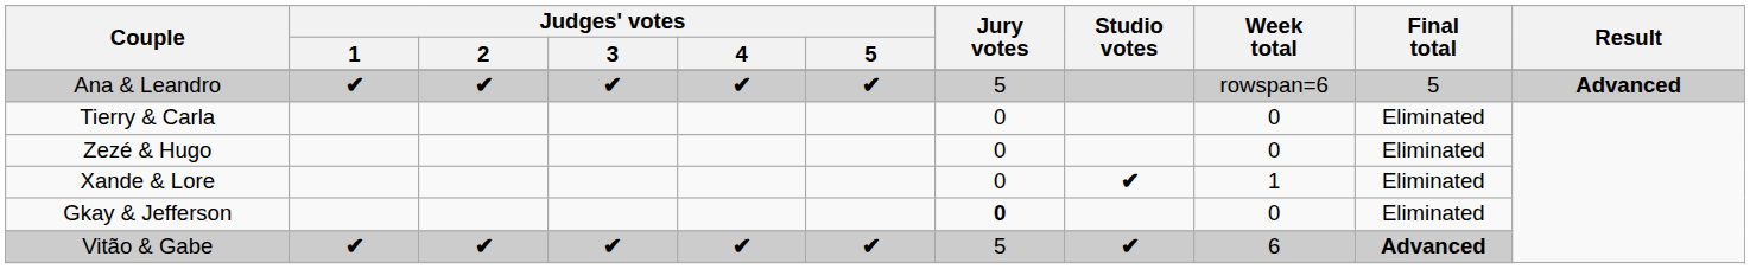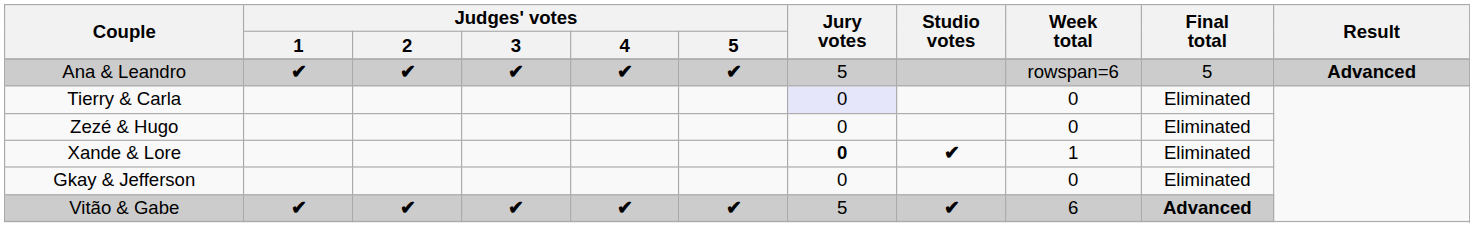 <table class="wikitable" style="font-size:100%; line-height:16px; text-align:center" width="100%">
 <tr>
 <th rowspan=2 width="11.00%">Couple</th>
 <th colspan=5 width="25.00%">Judges' votes</th>
 <th rowspan=2 width="05.00%">Jury<br>votes</th>
 <th rowspan=2 width="05.00%">Studio<br>votes</th>
 <th rowspan=2 width="05.00%">Week<br>total</th>
 <th rowspan=2 width="05.00%">Final<br>total</th>
 <th rowspan=2 width="09.00%">Result</th>
 </tr>
 <tr>
 <th width="05.00%">1</th>
 <th width="05.00%">2</th>
 <th width="05.00%">3</th>
 <th width="05.00%">4</th>
 <th width="05.00%">5</th>
 </tr>
 <tr>
 </tr>
 <tr bgcolor=CCCCCC>
 <td>Ana & Leandro</td>
 <td><strong>✔</strong></td>
 <td><strong>✔</strong></td>
 <td><strong>✔</strong></td>
 <td><strong>✔</strong></td>
 <td><strong>✔</strong></td>
 <td>5</td>
 <td></td>
 <td>rowspan=6 </td>
 <td>5</td>
 <td><strong>Advanced</strong></td>
 </tr>
 <tr>
 <td>Tierry & Carla</td>
 <td></td>
 <td></td>
 <td></td>
 <td></td>
 <td></td>
-<td>0</td>
+<td style="background: lavender;">0</td>
 <td></td>
 <td>0</td>
 <td>Eliminated</td>
 </tr>
 <tr>
 <td>Zezé & Hugo</td>
 <td></td>
 <td></td>
 <td></td>
 <td></td>
 <td></td>
 <td>0</td>
 <td></td>
 <td>0</td>
 <td>Eliminated</td>
 </tr>
 <tr>
 <td>Xande & Lore</td>
 <td></td>
 <td></td>
 <td></td>
 <td></td>
 <td></td>
-<td>0</td>
+<td><strong>0</strong></td>
 <td><strong>✔</strong></td>
 <td>1</td>
 <td>Eliminated</td>
 </tr>
 <tr>
 <td>Gkay & Jefferson</td>
 <td></td>
 <td></td>
 <td></td>
 <td></td>
 <td></td>
-<td><strong>0</strong></td>
+<td>0</td>
 <td></td>
 <td>0</td>
 <td>Eliminated</td>
 </tr>
 <tr bgcolor=CCCCCC>
 <td>Vitão & Gabe</td>
 <td><strong>✔</strong></td>
 <td><strong>✔</strong></td>
 <td><strong>✔</strong></td>
 <td><strong>✔</strong></td>
 <td><strong>✔</strong></td>
 <td>5</td>
 <td><strong>✔</strong></td>
 <td>6</td>
 <td><strong>Advanced</strong></td>
 </tr>
 <tr>
 </tr>
 </table>
